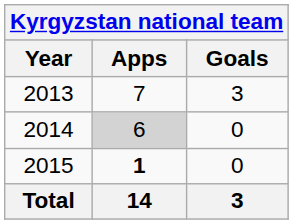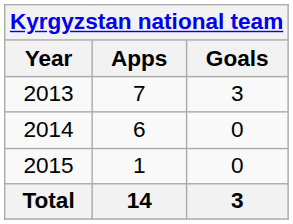 <table class="wikitable" style="text-align:center">
 <tr>
 <th colspan=3><a href='#'>Kyrgyzstan national team</a></th>
 </tr>
 <tr>
 <th>Year</th>
 <th>Apps</th>
 <th>Goals</th>
 </tr>
 <tr>
 <td>2013</td>
 <td>7</td>
 <td>3</td>
 </tr>
 <tr>
 <td>2014</td>
-<td style="background: lightgrey;">6</td>
+<td>6</td>
 <td>0</td>
 </tr>
 <tr>
 <td>2015</td>
-<td><strong>1</strong></td>
+<td>1</td>
 <td>0</td>
 </tr>
 <tr>
 <th>Total</th>
 <th>14</th>
 <th>3</th>
 </tr>
 </table>
